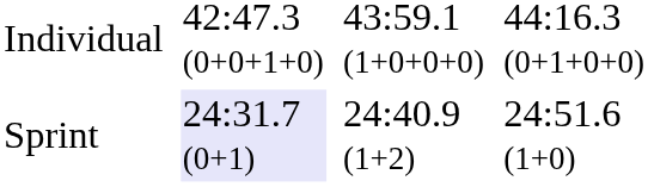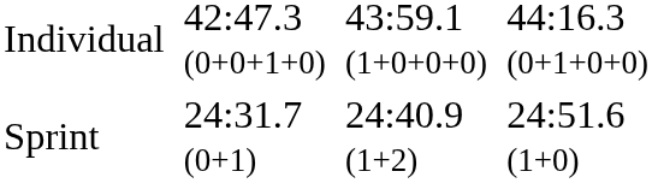 <table>
 <tr>
 <td>Individual</td>
 <td></td>
 <td>42:47.3<br><small>(0+0+1+0)</small></td>
 <td></td>
 <td>43:59.1<br><small>(1+0+0+0)</small></td>
 <td></td>
 <td>44:16.3<br><small>(0+1+0+0)</small></td>
 </tr>
 <tr>
 <td>Sprint</td>
 <td></td>
-<td style="background: lavender;">24:31.7<br><small>(0+1)</small></td>
+<td>24:31.7<br><small>(0+1)</small></td>
 <td></td>
 <td>24:40.9<br><small>(1+2)</small></td>
 <td></td>
 <td>24:51.6<br><small>(1+0)</small></td>
 </tr>
 </table>
